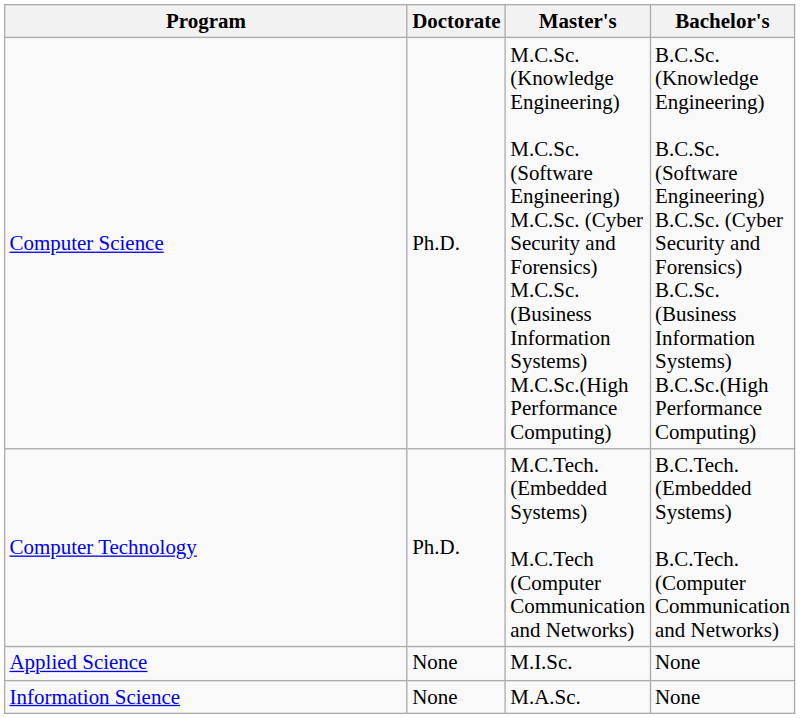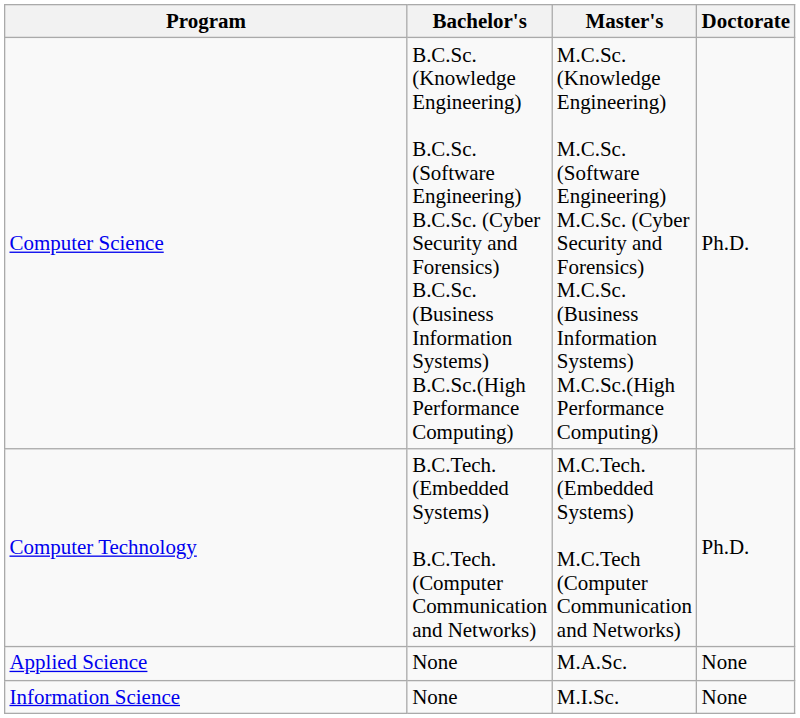 <table class="wikitable">
 <tr>
 <th width="300">Program</th>
+<th width="50">Bachelor's</th>
+<th width="50">Master's</th>
 <th width="50">Doctorate</th>
-<th width="50">Master's</th>
-<th width="50">Bachelor's</th>
 </tr>
 <tr>
 <td><a href='#'>Computer Science</a></td>
+<td>B.C.Sc. (Knowledge Engineering) <br><br>B.C.Sc. (Software Engineering) <br> B.C.Sc. (Cyber Security and Forensics) <br> B.C.Sc. (Business Information Systems)<br> B.C.Sc.(High Performance Computing)</td>
+<td>M.C.Sc. (Knowledge Engineering) <br><br>M.C.Sc. (Software Engineering) <br> M.C.Sc. (Cyber Security and Forensics) <br> M.C.Sc. (Business Information Systems)<br> M.C.Sc.(High Performance Computing)</td>
 <td>Ph.D.</td>
-<td>M.C.Sc. (Knowledge Engineering) <br><br>M.C.Sc. (Software Engineering) <br> M.C.Sc. (Cyber Security and Forensics) <br> M.C.Sc. (Business Information Systems)<br> M.C.Sc.(High Performance Computing)</td>
-<td>B.C.Sc. (Knowledge Engineering) <br><br>B.C.Sc. (Software Engineering) <br> B.C.Sc. (Cyber Security and Forensics) <br> B.C.Sc. (Business Information Systems)<br> B.C.Sc.(High Performance Computing)</td>
 </tr>
 <tr>
 <td><a href='#'>Computer Technology</a></td>
+<td>B.C.Tech. (Embedded Systems) <br><br>B.C.Tech. (Computer Communication and Networks)</td>
+<td>M.C.Tech. (Embedded Systems) <br><br>M.C.Tech (Computer Communication and Networks)</td>
 <td>Ph.D.</td>
-<td>M.C.Tech. (Embedded Systems) <br><br>M.C.Tech (Computer Communication and Networks)</td>
-<td>B.C.Tech. (Embedded Systems) <br><br>B.C.Tech. (Computer Communication and Networks)</td>
 </tr>
 <tr>
 <td><a href='#'>Applied Science</a></td>
 <td>None</td>
-<td>M.I.Sc.</td>
+<td>M.A.Sc.</td>
 <td>None</td>
 </tr>
 <tr>
 <td><a href='#'>Information Science</a></td>
 <td>None</td>
-<td>M.A.Sc.</td>
+<td>M.I.Sc.</td>
 <td>None</td>
 </tr>
 </table>
